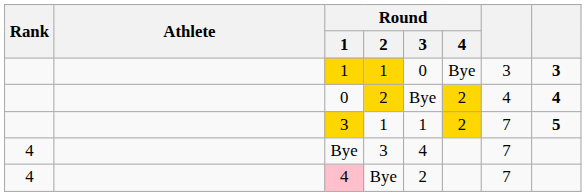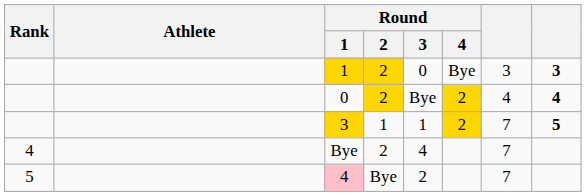 <table class="wikitable" style="text-align: center;">
 <tr>
 <th rowspan="2" width=40>Rank</th>
 <th rowspan="2" width=250>Athlete</th>
 <th colspan="4">Round</th>
 <th rowspan="2" width=40></th>
 <th rowspan="2" width=40></th>
 </tr>
 <tr>
 <th width=30>1</th>
 <th width=30>2</th>
 <th width=30>3</th>
 <th width=30>4</th>
 </tr>
 <tr>
 <td></td>
 <td align="left"></td>
 <td bgcolor=gold>1</td>
-<td bgcolor=gold>1</td>
+<td bgcolor=gold>2</td>
 <td>0</td>
 <td>Bye</td>
 <td>3</td>
 <td><strong>3</strong></td>
 </tr>
 <tr>
 <td></td>
 <td align="left"></td>
 <td>0</td>
 <td bgcolor=gold>2</td>
 <td>Bye</td>
 <td bgcolor=gold>2</td>
 <td>4</td>
 <td><strong>4</strong></td>
 </tr>
 <tr>
 <td></td>
 <td align="left"></td>
 <td bgcolor=gold>3</td>
 <td>1</td>
 <td>1</td>
 <td bgcolor=gold>2</td>
 <td>7</td>
 <td><strong>5</strong></td>
 </tr>
 <tr>
 <td>4</td>
 <td align="left"></td>
 <td>Bye</td>
-<td>3</td>
+<td>2</td>
 <td>4</td>
 <td></td>
 <td>7</td>
 <td></td>
 </tr>
 <tr>
-<td>4</td>
+<td>5</td>
 <td align="left"></td>
 <td style="background: pink;">4</td>
 <td>Bye</td>
 <td>2</td>
 <td></td>
 <td>7</td>
 <td></td>
 </tr>
 </table>
